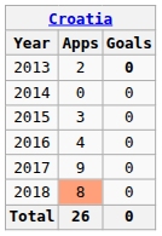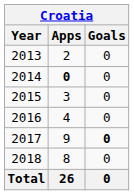 <table class="wikitable" style="text-align:center">
 <tr>
 <th colspan=3><a href='#'>Croatia</a></th>
 </tr>
 <tr>
 <th>Year</th>
 <th>Apps</th>
 <th>Goals</th>
 </tr>
 <tr>
 <td>2013</td>
 <td>2</td>
-<td><strong>0</strong></td>
+<td>0</td>
 </tr>
 <tr>
 <td>2014</td>
-<td>0</td>
+<td><strong>0</strong></td>
 <td>0</td>
 </tr>
 <tr>
 <td>2015</td>
 <td>3</td>
 <td>0</td>
 </tr>
 <tr>
 <td>2016</td>
 <td>4</td>
 <td>0</td>
 </tr>
 <tr>
 <td>2017</td>
 <td>9</td>
-<td>0</td>
+<td><strong>0</strong></td>
 </tr>
 <tr>
 <td>2018</td>
-<td style="background: lightsalmon;">8</td>
+<td>8</td>
 <td>0</td>
 </tr>
 <tr>
 <th>Total</th>
 <th>26</th>
 <th>0</th>
 </tr>
 </table>
